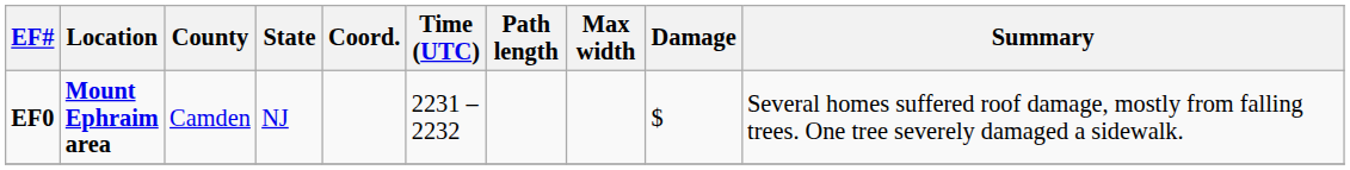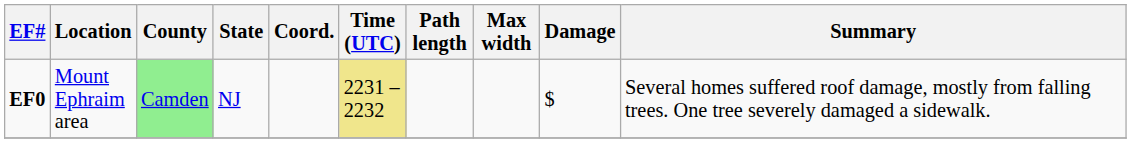 <table class="wikitable sortable" style="width:100%;">
 <tr>
 <th scope="col" width="3%" align="center"><a href='#'>EF#</a></th>
 <th scope="col" width="7%" align="center" class="unsortable">Location</th>
 <th scope="col" width="6%" align="center" class="unsortable">County</th>
 <th scope="col" width="5%" align="center">State</th>
 <th scope="col" width="6%" align="center">Coord.</th>
 <th scope="col" width="6%" align="center">Time (<a href='#'>UTC</a>)</th>
 <th scope="col" width="6%" align="center">Path length</th>
 <th scope="col" width="6%" align="center">Max width</th>
 <th scope="col" width="6%" align="center">Damage</th>
 <th scope="col" width="48%" class="unsortable" align="center">Summary</th>
 </tr>
 <tr>
 <td><strong>EF0</strong></td>
-<td><strong><a href='#'>Mount Ephraim</a> area</strong></td>
-<td><a href='#'>Camden</a></td>
+<td><a href='#'>Mount Ephraim</a> area</td>
+<td style="background: lightgreen;"><a href='#'>Camden</a></td>
 <td><a href='#'>NJ</a></td>
 <td></td>
-<td>2231 – 2232</td>
+<td style="background: khaki;">2231 – 2232</td>
 <td></td>
 <td></td>
 <td>$</td>
 <td>Several homes suffered roof damage, mostly from falling trees. One tree severely damaged a sidewalk.</td>
 </tr>
 <tr>
 </tr>
 </table>
